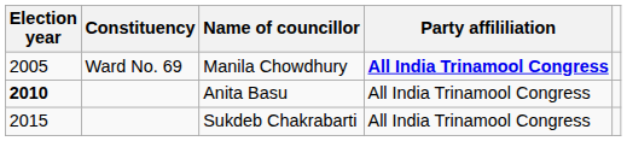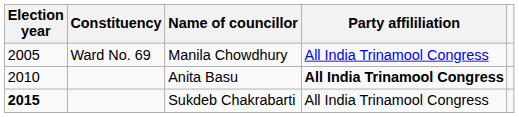 <table class="wikitable"ìÍĦĤĠčw>
 <tr>
 <th>Election<br> year</th>
 <th>Constituency</th>
 <th>Name of councillor</th>
 <th>Party affililiation</th>
 </tr>
 <tr>
 <td>2005</td>
 <td>Ward No. 69</td>
 <td>Manila Chowdhury</td>
-<td><strong><a href='#'>All India Trinamool Congress</a></strong></td>
+<td><a href='#'>All India Trinamool Congress</a></td>
 <td></td>
 </tr>
 <tr>
-<td><strong>2010</strong></td>
+<td>2010</td>
 <td></td>
 <td>Anita Basu</td>
-<td>All India Trinamool Congress</td>
+<td><strong>All India Trinamool Congress</strong></td>
 <td></td>
 </tr>
 <tr>
-<td>2015</td>
+<td><strong>2015</strong></td>
 <td></td>
 <td>Sukdeb Chakrabarti</td>
 <td>All India Trinamool Congress</td>
 <td></td>
 </tr>
 </table>
